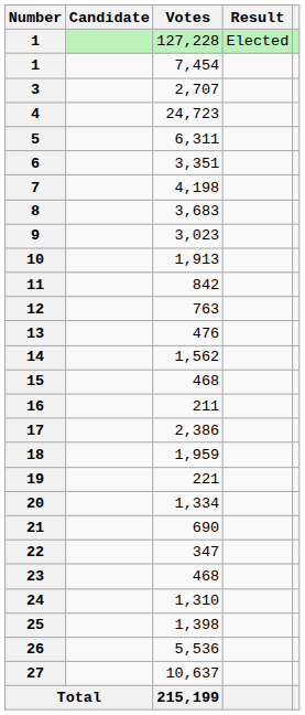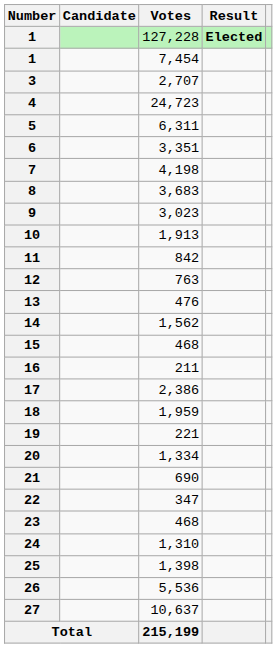 <table class="wikitable sortable">
 <tr>
 <th scope="col">Number</th>
 <th scope="col">Candidate</th>
 <th scope="col">Votes</th>
 <th scope="col">Result</th>
 <th scope="col" class="unsortable"></th>
 </tr>
 <tr bgcolor=bbf3bb>
 <th scope="row">1</th>
 <td></td>
 <td style="text-align:right">127,228</td>
-<td>Elected</td>
+<td><strong>Elected</strong></td>
 <td></td>
 </tr>
 <tr>
 <th scope="row">1</th>
 <td></td>
 <td style="text-align:right">7,454</td>
 <td></td>
 <td></td>
 </tr>
 <tr>
 <th scope="row">3</th>
 <td></td>
 <td style="text-align:right">2,707</td>
 <td></td>
 <td></td>
 </tr>
 <tr>
 <th scope="row">4</th>
 <td></td>
 <td style="text-align:right">24,723</td>
 <td></td>
 <td></td>
 </tr>
 <tr>
 <th scope="row">5</th>
 <td></td>
 <td style="text-align:right">6,311</td>
 <td></td>
 <td></td>
 </tr>
 <tr>
 <th scope="row">6</th>
 <td></td>
 <td style="text-align:right">3,351</td>
 <td></td>
 <td></td>
 </tr>
 <tr>
 <th scope="row">7</th>
 <td></td>
 <td style="text-align:right">4,198</td>
 <td></td>
 <td></td>
 </tr>
 <tr>
 <th scope="row">8</th>
 <td></td>
 <td style="text-align:right">3,683</td>
 <td></td>
 <td></td>
 </tr>
 <tr>
 <th scope="row">9</th>
 <td></td>
 <td style="text-align:right">3,023</td>
 <td></td>
 <td></td>
 </tr>
 <tr>
 <th scope="row">10</th>
 <td></td>
 <td style="text-align:right">1,913</td>
 <td></td>
 <td></td>
 </tr>
 <tr>
 <th scope="row">11</th>
 <td></td>
 <td style="text-align:right">842</td>
 <td></td>
 <td></td>
 </tr>
 <tr>
 <th scope="row">12</th>
 <td></td>
 <td style="text-align:right">763</td>
 <td></td>
 <td></td>
 </tr>
 <tr>
 <th scope="row">13</th>
 <td></td>
 <td style="text-align:right">476</td>
 <td></td>
 <td></td>
 </tr>
 <tr>
 <th scope="row">14</th>
 <td></td>
 <td style="text-align:right">1,562</td>
 <td></td>
 <td></td>
 </tr>
 <tr>
 <th scope="row">15</th>
 <td></td>
 <td style="text-align:right">468</td>
 <td></td>
 <td></td>
 </tr>
 <tr>
 <th scope="row">16</th>
 <td></td>
 <td style="text-align:right">211</td>
 <td></td>
 <td></td>
 </tr>
 <tr>
 <th scope="row">17</th>
 <td></td>
 <td style="text-align:right">2,386</td>
 <td></td>
 <td></td>
 </tr>
 <tr>
 <th scope="row">18</th>
 <td></td>
 <td style="text-align:right">1,959</td>
 <td></td>
 <td></td>
 </tr>
 <tr>
 <th scope="row">19</th>
 <td></td>
 <td style="text-align:right">221</td>
 <td></td>
 <td></td>
 </tr>
 <tr>
 <th scope="row">20</th>
 <td></td>
 <td style="text-align:right">1,334</td>
 <td></td>
 <td></td>
 </tr>
 <tr>
 <th scope="row">21</th>
 <td></td>
 <td style="text-align:right">690</td>
 <td></td>
 <td></td>
 </tr>
 <tr>
 <th scope="row">22</th>
 <td></td>
 <td style="text-align:right">347</td>
 <td></td>
 <td></td>
 </tr>
 <tr>
 <th scope="row">23</th>
 <td></td>
 <td style="text-align:right">468</td>
 <td></td>
 <td></td>
 </tr>
 <tr>
 <th scope="row">24</th>
 <td></td>
 <td style="text-align:right">1,310</td>
 <td></td>
 <td></td>
 </tr>
 <tr>
 <th scope="row">25</th>
 <td></td>
 <td style="text-align:right">1,398</td>
 <td></td>
 <td></td>
 </tr>
 <tr>
 <th scope="row">26</th>
 <td></td>
 <td style="text-align:right">5,536</td>
 <td></td>
 <td></td>
 </tr>
 <tr>
 <th scope="row">27</th>
 <td></td>
 <td style="text-align:right">10,637</td>
 <td></td>
 <td></td>
 </tr>
 <tr class="sortbottom">
 <th scope="row" colspan="2">Total</th>
 <th style="text-align:right">215,199</th>
 <th></th>
 <th></th>
 </tr>
 </table>
